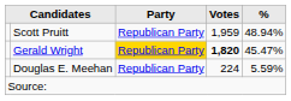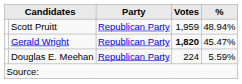 <table class=wikitable style="font-size:95%; text-align:right;">
 <tr>
 <th style="background:#e9e9e9; text-align:center;" colspan="2">Candidates</th>
 <th style="background:#e9e9e9; text-align:center;">Party</th>
 <th style="background:#e9e9e9; text-align:center;">Votes</th>
 <th style="background:#e9e9e9; text-align:center;">%</th>
 </tr>
 <tr>
 <td></td>
 <td align=left>Scott Pruitt</td>
 <td align=center><a href='#'>Republican Party</a></td>
 <td>1,959</td>
 <td>48.94%</td>
 </tr>
 <tr>
 <td></td>
 <td align=left><a href='#'>Gerald Wright</a></td>
-<td align=center style="background: gold;"><a href='#'>Republican Party</a></td>
+<td align=center><a href='#'>Republican Party</a></td>
 <td><strong>1,820</strong></td>
 <td>45.47%</td>
 </tr>
 <tr>
 <td></td>
 <td align=left>Douglas E. Meehan</td>
 <td align=center><a href='#'>Republican Party</a></td>
 <td>224</td>
 <td>5.59%</td>
 </tr>
 <tr>
 <td style="text-align:left;" colspan="6">Source:</td>
 </tr>
 </table>
